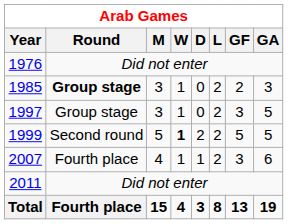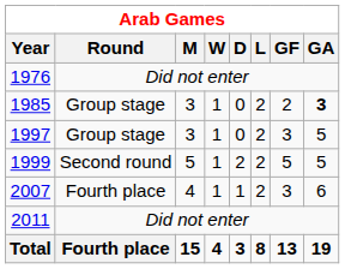 <table class="wikitable" style="text-align: center;font-size:100%">
 <tr style="color:red;">
 <th style="background:#ffffff;" colspan=8>Arab Games</th>
 </tr>
 <tr>
 <th>Year</th>
 <th>Round</th>
 <th>M</th>
 <th>W</th>
 <th>D</th>
 <th>L</th>
 <th>GF</th>
 <th>GA</th>
 </tr>
 <tr>
 <td> <a href='#'>1976</a></td>
 <td colspan="7"><em>Did not enter</em></td>
 </tr>
 <tr>
 <td> <a href='#'>1985</a></td>
-<td><strong>Group stage</strong></td>
+<td>Group stage</td>
 <td>3</td>
 <td>1</td>
 <td>0</td>
 <td>2</td>
 <td>2</td>
-<td>3</td>
+<td><strong>3</strong></td>
 </tr>
 <tr>
 <td> <a href='#'>1997</a></td>
 <td>Group stage</td>
 <td>3</td>
 <td>1</td>
 <td>0</td>
 <td>2</td>
 <td>3</td>
 <td>5</td>
 </tr>
 <tr>
 <td> <a href='#'>1999</a></td>
 <td>Second round</td>
 <td>5</td>
-<td><strong>1</strong></td>
+<td>1</td>
 <td>2</td>
 <td>2</td>
 <td>5</td>
 <td>5</td>
 </tr>
 <tr>
 <td> <a href='#'>2007</a></td>
 <td>Fourth place</td>
 <td>4</td>
 <td>1</td>
 <td>1</td>
 <td>2</td>
 <td>3</td>
 <td>6</td>
 </tr>
 <tr>
 <td> <a href='#'>2011</a></td>
 <td colspan=7 align=center><em>Did not enter</em></td>
 </tr>
 <tr>
 <th style="text-align:center;"><strong>Total</strong></th>
 <th>Fourth place</th>
 <td style="text-align:center;"><strong>15</strong></td>
 <td style="text-align:center;"><strong>4</strong></td>
 <td style="text-align:center;"><strong>3</strong></td>
 <td style="text-align:center;"><strong>8</strong></td>
 <td style="text-align:center;"><strong>13</strong></td>
 <td style="text-align:center;"><strong>19</strong></td>
 </tr>
 </table>
